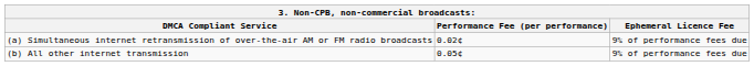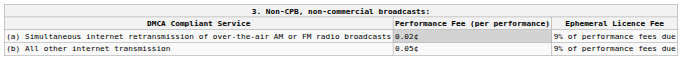 <table class="wikitable">
 <tr>
 <th colspan="3">3. <strong>Non-CPB, non-commercial broadcasts</strong>:</th>
 </tr>
 <tr>
 <th>DMCA Compliant Service</th>
 <th>Performance Fee (per performance)</th>
 <th>Ephemeral Licence Fee</th>
 </tr>
 <tr>
 <td>(a) Simultaneous internet retransmission of over-the-air AM or FM radio broadcasts</td>
-<td>0.02¢</td>
+<td style="background: lightgrey;">0.02¢</td>
 <td>9% of performance fees due</td>
 </tr>
 <tr>
 <td>(b) All other internet transmission</td>
 <td>0.05¢</td>
 <td>9% of performance fees due</td>
 </tr>
 </table>
